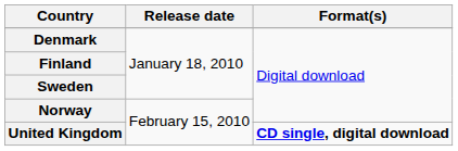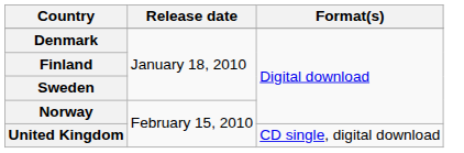 <table class="wikitable plainrowheaders">
 <tr>
 <th scope="col">Country</th>
 <th scope="col">Release date</th>
 <th scope="col">Format(s)</th>
 </tr>
 <tr>
 </tr>
 <tr>
 <th scope="row">Denmark</th>
 <td rowspan="3">January 18, 2010</td>
 <td rowspan="4"><a href='#'>Digital download</a></td>
 </tr>
 <tr>
 <th scope="row">Finland</th>
 </tr>
 <tr>
 <th scope="row">Sweden</th>
 </tr>
 <tr>
 <th scope="row">Norway</th>
 <td rowspan="2">February 15, 2010</td>
 </tr>
 <tr>
 <th scope="row">United Kingdom</th>
-<td><strong><a href='#'>CD single</a>, digital download</strong></td>
+<td><a href='#'>CD single</a>, digital download</td>
 </tr>
 </table>
